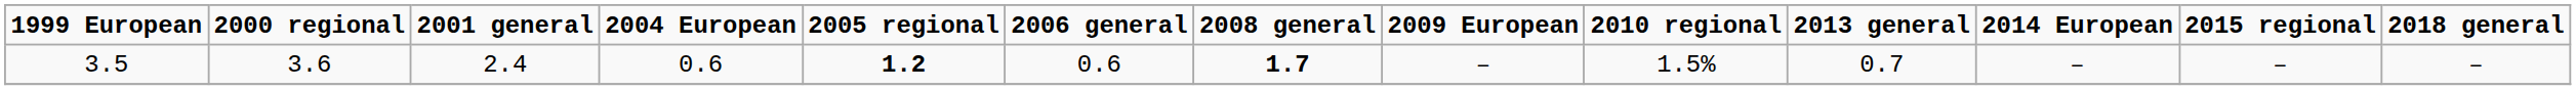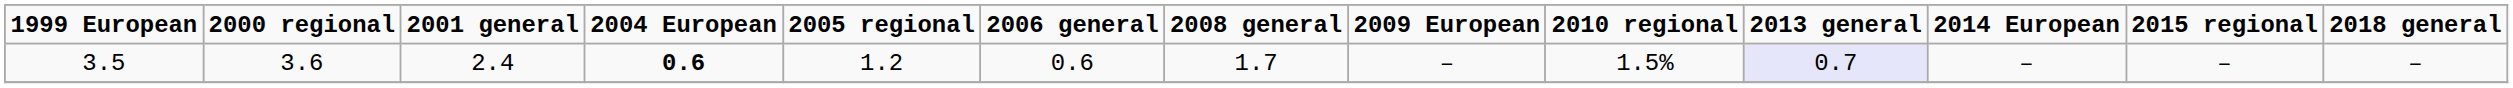 <table class="wikitable" style="text-align:center">
 <tr>
 <td><strong>1999 European</strong></td>
 <td><strong>2000 regional</strong></td>
 <td><strong>2001 general</strong></td>
 <td><strong>2004 European</strong></td>
 <td><strong>2005 regional</strong></td>
 <td><strong>2006 general</strong></td>
 <td><strong>2008 general</strong></td>
 <td><strong>2009 European</strong></td>
 <td><strong>2010 regional</strong></td>
 <td><strong>2013 general</strong></td>
 <td><strong>2014 European</strong></td>
 <td><strong>2015 regional</strong></td>
 <td><strong>2018 general</strong></td>
 </tr>
 <tr>
 <td>3.5</td>
 <td>3.6</td>
 <td>2.4</td>
+<td><strong>0.6</strong></td>
+<td>1.2</td>
 <td>0.6</td>
-<td><strong>1.2</strong></td>
-<td>0.6</td>
-<td><strong>1.7</strong></td>
+<td>1.7</td>
 <td>–</td>
 <td>1.5%</td>
-<td>0.7</td>
+<td style="background: lavender;">0.7</td>
 <td>–</td>
 <td>–</td>
 <td>–</td>
 </tr>
 <tr>
 </tr>
 </table>
